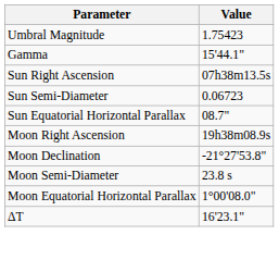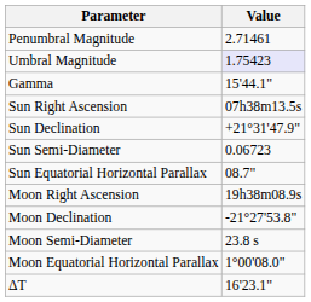 <table class="wikitable">
 <tr>
 <th>Parameter</th>
 <th>Value</th>
 </tr>
 <tr>
+<td>Penumbral Magnitude</td>
+<td>2.71461</td>
+</tr>
+<tr>
 <td>Umbral Magnitude</td>
-<td>1.75423</td>
+<td style="background: lavender;">1.75423</td>
 </tr>
 <tr>
 <td>Gamma</td>
 <td>15'44.1"</td>
 </tr>
 <tr>
 <td>Sun Right Ascension</td>
 <td>07h38m13.5s</td>
+</tr>
+<tr>
+<td>Sun Declination</td>
+<td>+21°31'47.9"</td>
 </tr>
 <tr>
 <td>Sun Semi-Diameter</td>
 <td>0.06723</td>
 </tr>
 <tr>
 <td>Sun Equatorial Horizontal Parallax</td>
 <td>08.7"</td>
 </tr>
 <tr>
 <td>Moon Right Ascension</td>
 <td>19h38m08.9s</td>
 </tr>
 <tr>
 <td>Moon Declination</td>
 <td>-21°27'53.8"</td>
 </tr>
 <tr>
 <td>Moon Semi-Diameter</td>
 <td>23.8 s</td>
 </tr>
 <tr>
 <td>Moon Equatorial Horizontal Parallax</td>
 <td>1°00'08.0"</td>
 </tr>
 <tr>
 <td>ΔT</td>
 <td>16'23.1"</td>
 </tr>
 </table>
